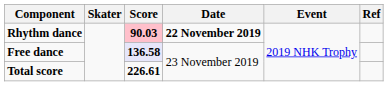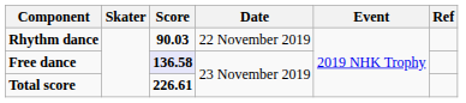 <table class="wikitable">
 <tr>
 <th>Component</th>
 <th>Skater</th>
 <th>Score</th>
 <th>Date</th>
 <th>Event</th>
 <th>Ref</th>
 </tr>
 <tr>
 <td><strong>Rhythm dance</strong></td>
 <td rowspan=3></td>
-<td align="center" style="background: pink;"><strong>90.03</strong></td>
-<td><strong>22 November 2019</strong></td>
+<td align="center"><strong>90.03</strong></td>
+<td>22 November 2019</td>
 <td rowspan=3><a href='#'>2019 NHK Trophy</a></td>
 <td></td>
 </tr>
 <tr>
 <td><strong>Free dance</strong></td>
 <td align="center" style="background: lavender;"><strong>136.58</strong></td>
 <td rowspan=2>23 November 2019</td>
 <td></td>
 </tr>
 <tr>
 <td><strong>Total score</strong></td>
 <td align="center"><strong>226.61</strong></td>
 <td></td>
 </tr>
 </table>
